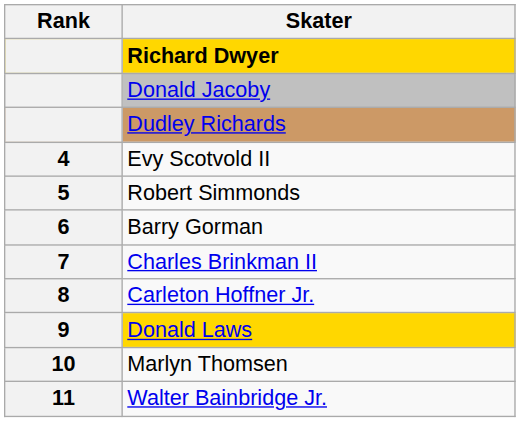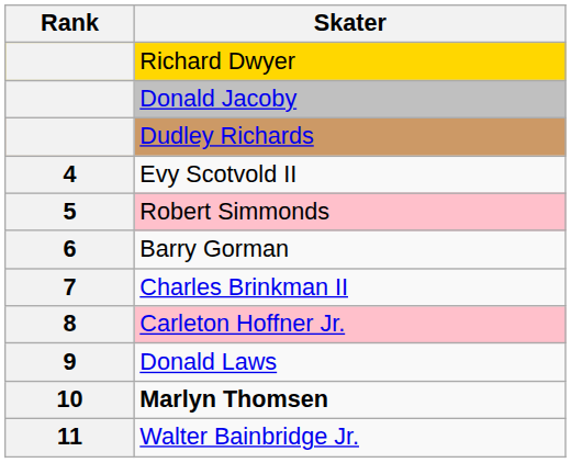 <table class="wikitable unsortable" style="text-align:left; width:30%">
 <tr>
 <th scope="col">Rank</th>
 <th scope="col">Skater</th>
 </tr>
 <tr bgcolor="gold">
 <th scope="row"></th>
-<td><strong>Richard Dwyer</strong></td>
+<td>Richard Dwyer</td>
 </tr>
 <tr bgcolor="silver">
 <th scope="row"></th>
 <td><a href='#'>Donald Jacoby</a></td>
 </tr>
 <tr bgcolor="cc9966">
 <th scope="row"></th>
 <td><a href='#'>Dudley Richards</a></td>
 </tr>
 <tr>
 <th scope="row">4</th>
 <td>Evy Scotvold II</td>
 </tr>
 <tr>
 <th scope="row">5</th>
-<td>Robert Simmonds</td>
+<td style="background: pink;">Robert Simmonds</td>
 </tr>
 <tr>
 <th scope="row">6</th>
 <td>Barry Gorman</td>
 </tr>
 <tr>
 <th scope="row">7</th>
 <td><a href='#'>Charles Brinkman II</a></td>
 </tr>
 <tr>
 <th scope="row">8</th>
-<td><a href='#'>Carleton Hoffner Jr.</a></td>
+<td style="background: pink;"><a href='#'>Carleton Hoffner Jr.</a></td>
 </tr>
 <tr>
 <th scope="row">9</th>
-<td style="background: gold;"><a href='#'>Donald Laws</a></td>
+<td><a href='#'>Donald Laws</a></td>
 </tr>
 <tr>
 <th scope="row">10</th>
-<td>Marlyn Thomsen</td>
+<td><strong>Marlyn Thomsen</strong></td>
 </tr>
 <tr>
 <th scope="row">11</th>
 <td><a href='#'>Walter Bainbridge Jr.</a></td>
 </tr>
 </table>
